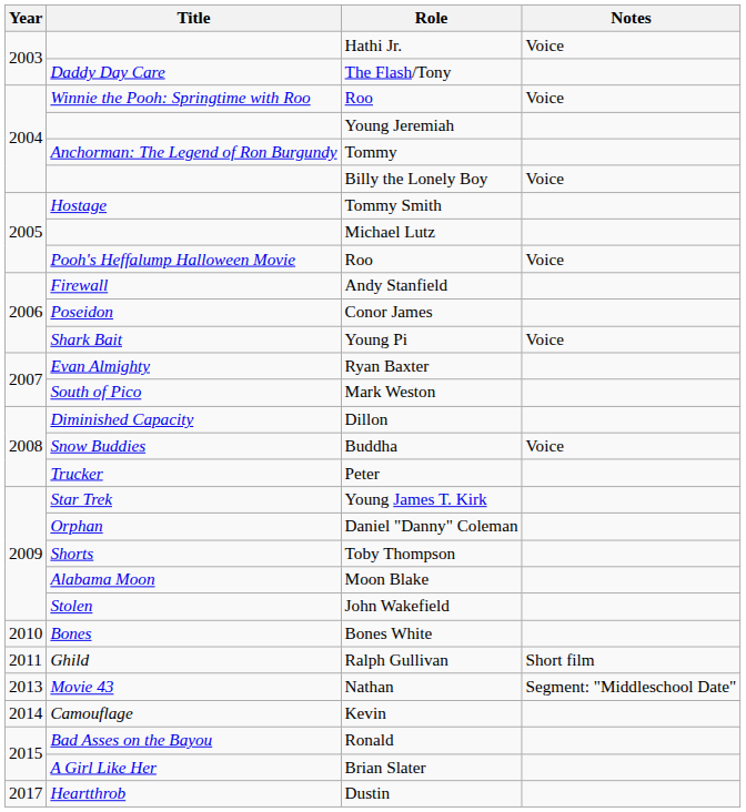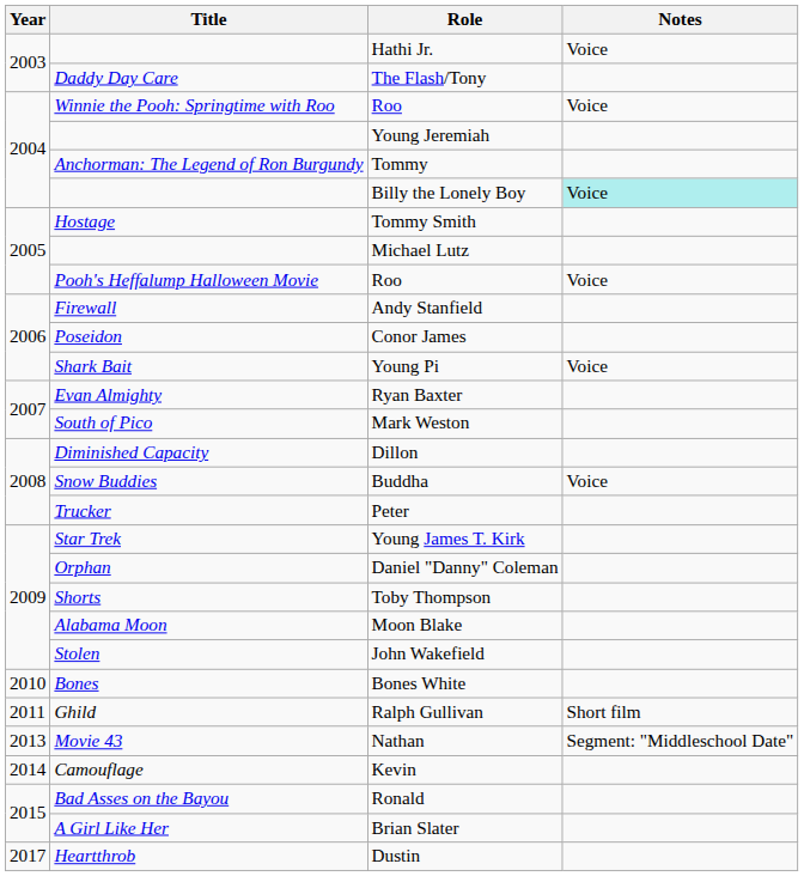 <table class="wikitable sortable">
 <tr>
 <th>Year</th>
 <th>Title</th>
 <th>Role</th>
 <th class="unsortable">Notes</th>
 </tr>
 <tr>
 <td rowspan="2">2003</td>
 <td><em></em></td>
 <td>Hathi Jr.</td>
 <td>Voice</td>
 </tr>
 <tr>
 <td><em><a href='#'>Daddy Day Care</a></em></td>
 <td><a href='#'>The Flash</a>/Tony</td>
 <td></td>
 </tr>
 <tr>
 <td rowspan="4">2004</td>
 <td><em><a href='#'>Winnie the Pooh: Springtime with Roo</a></em></td>
 <td><a href='#'>Roo</a></td>
 <td>Voice</td>
 </tr>
 <tr>
 <td><em></em></td>
 <td>Young Jeremiah</td>
 <td></td>
 </tr>
 <tr>
 <td><em><a href='#'>Anchorman: The Legend of Ron Burgundy</a></em></td>
 <td>Tommy</td>
 <td></td>
 </tr>
 <tr>
 <td><em></em></td>
 <td>Billy the Lonely Boy</td>
-<td>Voice</td>
+<td style="background: paleturquoise;">Voice</td>
 </tr>
 <tr>
 <td rowspan="3">2005</td>
 <td><em><a href='#'>Hostage</a></em></td>
 <td>Tommy Smith</td>
 <td></td>
 </tr>
 <tr>
 <td><em></em></td>
 <td>Michael Lutz</td>
 <td></td>
 </tr>
 <tr>
 <td><em><a href='#'>Pooh's Heffalump Halloween Movie</a></em></td>
 <td>Roo</td>
 <td>Voice</td>
 </tr>
 <tr>
 <td rowspan="3">2006</td>
 <td><em><a href='#'>Firewall</a></em></td>
 <td>Andy Stanfield</td>
 <td></td>
 </tr>
 <tr>
 <td><em><a href='#'>Poseidon</a></em></td>
 <td>Conor James</td>
 <td></td>
 </tr>
 <tr>
 <td><em><a href='#'>Shark Bait</a></em></td>
 <td>Young Pi</td>
 <td>Voice</td>
 </tr>
 <tr>
 <td rowspan="2">2007</td>
 <td><em><a href='#'>Evan Almighty</a></em></td>
 <td>Ryan Baxter</td>
 <td></td>
 </tr>
 <tr>
 <td><em><a href='#'>South of Pico</a></em></td>
 <td>Mark Weston</td>
 <td></td>
 </tr>
 <tr>
 <td rowspan="3">2008</td>
 <td><em><a href='#'>Diminished Capacity</a></em></td>
 <td>Dillon</td>
 <td></td>
 </tr>
 <tr>
 <td><em><a href='#'>Snow Buddies</a></em></td>
 <td>Buddha</td>
 <td>Voice</td>
 </tr>
 <tr>
 <td><em><a href='#'>Trucker</a></em></td>
 <td>Peter</td>
 <td></td>
 </tr>
 <tr>
 <td rowspan="5">2009</td>
 <td><em><a href='#'>Star Trek</a></em></td>
 <td>Young <a href='#'>James T. Kirk</a></td>
 <td></td>
 </tr>
 <tr>
 <td><em><a href='#'>Orphan</a></em></td>
 <td>Daniel "Danny" Coleman</td>
 <td></td>
 </tr>
 <tr>
 <td><em><a href='#'>Shorts</a></em></td>
 <td>Toby Thompson</td>
 <td></td>
 </tr>
 <tr>
 <td><em><a href='#'>Alabama Moon</a></em></td>
 <td>Moon Blake</td>
 <td></td>
 </tr>
 <tr>
 <td><em><a href='#'>Stolen</a></em></td>
 <td>John Wakefield</td>
 <td></td>
 </tr>
 <tr>
 <td>2010</td>
 <td><em><a href='#'>Bones</a></em></td>
 <td>Bones White</td>
 <td></td>
 </tr>
 <tr>
 <td>2011</td>
 <td><em>Ghild</em></td>
 <td>Ralph Gullivan</td>
 <td>Short film</td>
 </tr>
 <tr>
 <td>2013</td>
 <td><em><a href='#'>Movie 43</a></em></td>
 <td>Nathan</td>
 <td>Segment: "Middleschool Date"</td>
 </tr>
 <tr>
 <td>2014</td>
 <td><em>Camouflage</em></td>
 <td>Kevin</td>
 <td></td>
 </tr>
 <tr>
 <td rowspan="2">2015</td>
 <td><em><a href='#'>Bad Asses on the Bayou</a></em></td>
 <td>Ronald</td>
 <td></td>
 </tr>
 <tr>
 <td><em><a href='#'>A Girl Like Her</a></em></td>
 <td>Brian Slater</td>
 <td></td>
 </tr>
 <tr>
 <td>2017</td>
 <td><em><a href='#'>Heartthrob</a></em></td>
 <td>Dustin</td>
 <td></td>
 </tr>
 </table>
